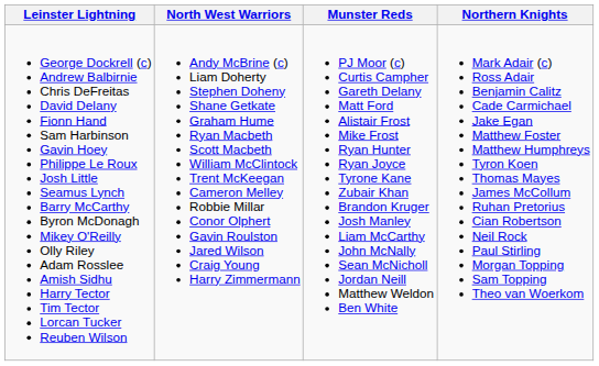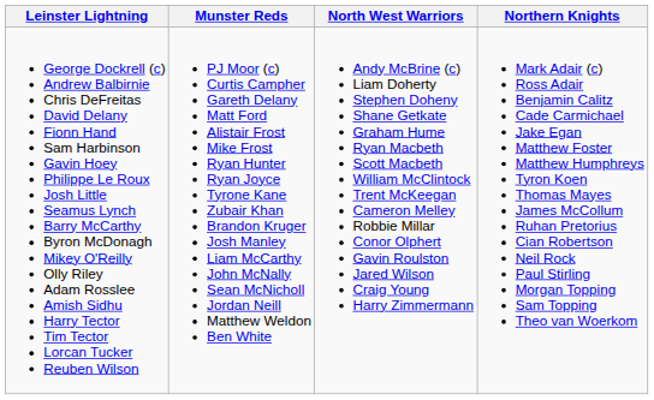 <table class="wikitable" style="text-align:left;">
 <tr>
 <th><a href='#'>Leinster Lightning</a></th>
+<th><a href='#'>Munster Reds</a></th>
 <th><a href='#'>North West Warriors</a></th>
-<th><a href='#'>Munster Reds</a></th>
 <th><a href='#'>Northern Knights</a></th>
 </tr>
 <tr>
 <td valign=top><br><ul><li><a href='#'>George Dockrell</a> (<a href='#'>c</a>)</li><li><a href='#'>Andrew Balbirnie</a></li><li>Chris DeFreitas</li><li><a href='#'>David Delany</a></li><li><a href='#'>Fionn Hand</a></li><li>Sam Harbinson</li><li><a href='#'>Gavin Hoey</a></li><li><a href='#'>Philippe Le Roux</a></li><li><a href='#'>Josh Little</a></li><li><a href='#'>Seamus Lynch</a></li><li><a href='#'>Barry McCarthy</a></li><li>Byron McDonagh</li><li><a href='#'>Mikey O'Reilly</a></li><li>Olly Riley</li><li>Adam Rosslee</li><li><a href='#'>Amish Sidhu</a></li><li><a href='#'>Harry Tector</a></li><li><a href='#'>Tim Tector</a></li><li><a href='#'>Lorcan Tucker</a></li><li><a href='#'>Reuben Wilson</a></li></ul></td>
+<td valign=top><br><ul><li><a href='#'>PJ Moor</a> (<a href='#'>c</a>)</li><li><a href='#'>Curtis Campher</a></li><li><a href='#'>Gareth Delany</a></li><li><a href='#'>Matt Ford</a></li><li><a href='#'>Alistair Frost</a></li><li><a href='#'>Mike Frost</a></li><li><a href='#'>Ryan Hunter</a></li><li><a href='#'>Ryan Joyce</a></li><li><a href='#'>Tyrone Kane</a></li><li><a href='#'>Zubair Khan</a></li><li><a href='#'>Brandon Kruger</a></li><li><a href='#'>Josh Manley</a></li><li><a href='#'>Liam McCarthy</a></li><li><a href='#'>John McNally</a></li><li><a href='#'>Sean McNicholl</a></li><li><a href='#'>Jordan Neill</a></li><li>Matthew Weldon</li><li><a href='#'>Ben White</a></li></ul></td>
 <td valign=top><br><ul><li><a href='#'>Andy McBrine</a> (<a href='#'>c</a>)</li><li>Liam Doherty</li><li><a href='#'>Stephen Doheny</a></li><li><a href='#'>Shane Getkate</a></li><li><a href='#'>Graham Hume</a></li><li><a href='#'>Ryan Macbeth</a></li><li><a href='#'>Scott Macbeth</a></li><li><a href='#'>William McClintock</a></li><li><a href='#'>Trent McKeegan</a></li><li><a href='#'>Cameron Melley</a></li><li>Robbie Millar</li><li><a href='#'>Conor Olphert</a></li><li><a href='#'>Gavin Roulston</a></li><li><a href='#'>Jared Wilson</a></li><li><a href='#'>Craig Young</a></li><li><a href='#'>Harry Zimmermann</a></li></ul></td>
-<td valign=top><br><ul><li><a href='#'>PJ Moor</a> (<a href='#'>c</a>)</li><li><a href='#'>Curtis Campher</a></li><li><a href='#'>Gareth Delany</a></li><li><a href='#'>Matt Ford</a></li><li><a href='#'>Alistair Frost</a></li><li><a href='#'>Mike Frost</a></li><li><a href='#'>Ryan Hunter</a></li><li><a href='#'>Ryan Joyce</a></li><li><a href='#'>Tyrone Kane</a></li><li><a href='#'>Zubair Khan</a></li><li><a href='#'>Brandon Kruger</a></li><li><a href='#'>Josh Manley</a></li><li><a href='#'>Liam McCarthy</a></li><li><a href='#'>John McNally</a></li><li><a href='#'>Sean McNicholl</a></li><li><a href='#'>Jordan Neill</a></li><li>Matthew Weldon</li><li><a href='#'>Ben White</a></li></ul></td>
 <td valign=top><br><ul><li><a href='#'>Mark Adair</a> (<a href='#'>c</a>)</li><li><a href='#'>Ross Adair</a></li><li><a href='#'>Benjamin Calitz</a></li><li><a href='#'>Cade Carmichael</a></li><li><a href='#'>Jake Egan</a></li><li><a href='#'>Matthew Foster</a></li><li><a href='#'>Matthew Humphreys</a></li><li><a href='#'>Tyron Koen</a></li><li><a href='#'>Thomas Mayes</a></li><li><a href='#'>James McCollum</a></li><li><a href='#'>Ruhan Pretorius</a></li><li><a href='#'>Cian Robertson</a></li><li><a href='#'>Neil Rock</a></li><li><a href='#'>Paul Stirling</a></li><li><a href='#'>Morgan Topping</a></li><li><a href='#'>Sam Topping</a></li><li><a href='#'>Theo van Woerkom</a></li></ul></td>
 </tr>
 </table>
